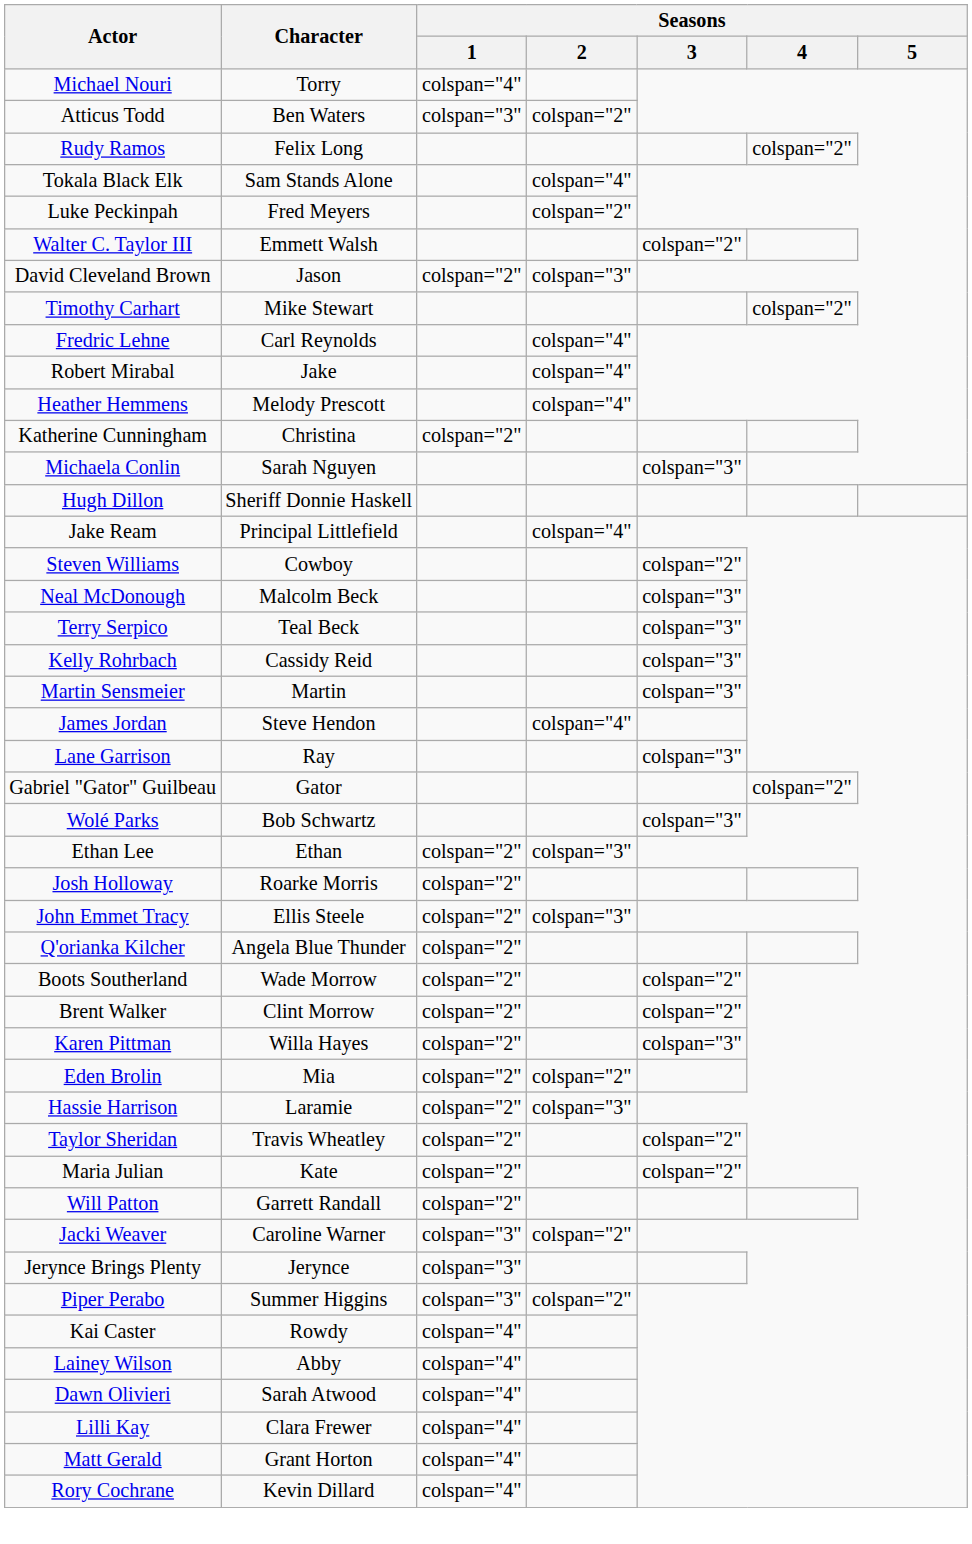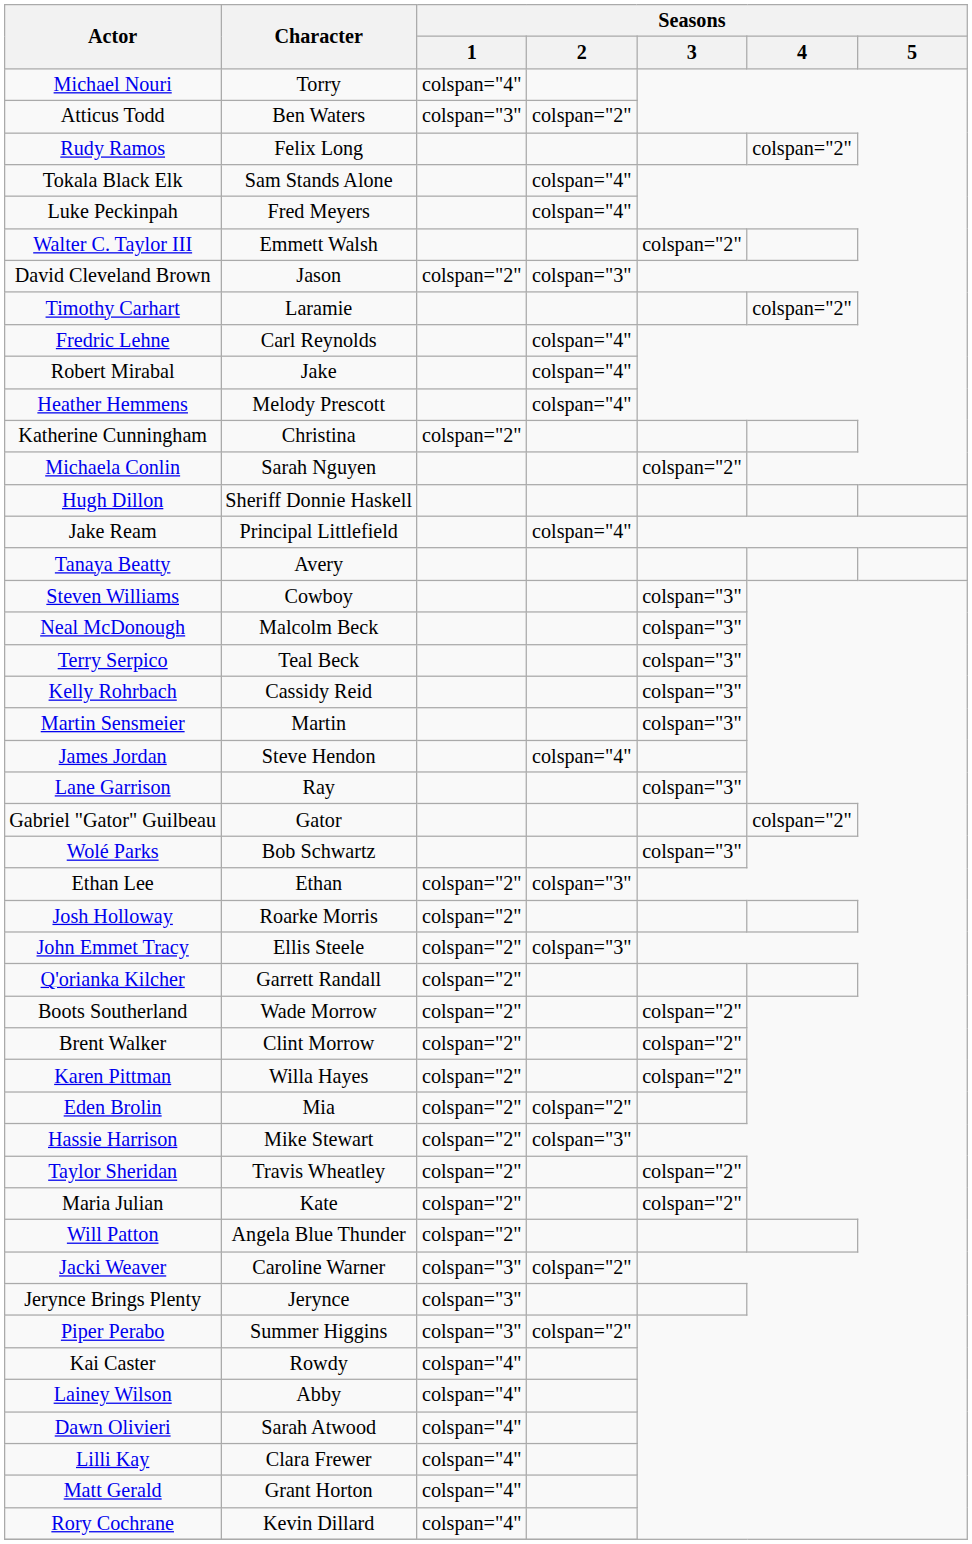 <table class="wikitable plainrowheaders" style="text-align:center">
 <tr>
 <th rowspan="2">Actor</th>
 <th rowspan="2">Character</th>
 <th colspan="5">Seasons</th>
 </tr>
 <tr>
 <th scope="col" style="width: 80px;">1</th>
 <th scope="col" style="width: 80px;">2</th>
 <th scope="col" style="width: 80px;">3</th>
 <th scope="col" style="width: 80px;">4</th>
 <th scope="col" style="width: 80px;">5</th>
 </tr>
 <tr>
 <td><a href='#'>Michael Nouri</a></td>
 <td>Torry</td>
 <td>colspan="4" </td>
 <td></td>
 </tr>
 <tr>
 <td>Atticus Todd</td>
 <td>Ben Waters</td>
 <td>colspan="3" </td>
 <td>colspan="2" </td>
 </tr>
 <tr>
 <td><a href='#'>Rudy Ramos</a></td>
 <td>Felix Long</td>
 <td></td>
 <td></td>
 <td></td>
 <td>colspan="2" </td>
 </tr>
 <tr>
 <td>Tokala Black Elk</td>
 <td>Sam Stands Alone</td>
 <td></td>
 <td>colspan="4" </td>
 </tr>
 <tr>
 <td>Luke Peckinpah</td>
 <td>Fred Meyers</td>
 <td></td>
-<td>colspan="2" </td>
+<td>colspan="4" </td>
 </tr>
 <tr>
 <td><a href='#'>Walter C. Taylor III</a></td>
 <td>Emmett Walsh</td>
 <td></td>
 <td></td>
 <td>colspan="2" </td>
 <td></td>
 </tr>
 <tr>
 <td>David Cleveland Brown</td>
 <td>Jason</td>
 <td>colspan="2" </td>
 <td>colspan="3" </td>
 </tr>
 <tr>
 <td><a href='#'>Timothy Carhart</a></td>
-<td>Mike Stewart</td>
+<td>Laramie</td>
 <td></td>
 <td></td>
 <td></td>
 <td>colspan="2" </td>
 </tr>
 <tr>
 <td><a href='#'>Fredric Lehne</a></td>
 <td>Carl Reynolds</td>
 <td></td>
 <td>colspan="4" </td>
 </tr>
 <tr>
 <td>Robert Mirabal</td>
 <td>Jake</td>
 <td></td>
 <td>colspan="4" </td>
 </tr>
 <tr>
 <td><a href='#'>Heather Hemmens</a></td>
 <td>Melody Prescott</td>
 <td></td>
 <td>colspan="4" </td>
 </tr>
 <tr>
 <td>Katherine Cunningham</td>
 <td>Christina</td>
 <td>colspan="2" </td>
 <td></td>
 <td></td>
 <td></td>
 </tr>
 <tr>
 <td><a href='#'>Michaela Conlin</a></td>
 <td>Sarah Nguyen</td>
 <td></td>
 <td></td>
-<td>colspan="3" </td>
+<td>colspan="2" </td>
 </tr>
 <tr>
 <td><a href='#'>Hugh Dillon</a></td>
 <td>Sheriff Donnie Haskell</td>
 <td></td>
 <td></td>
 <td></td>
 <td></td>
 <td></td>
 </tr>
 <tr>
 <td>Jake Ream</td>
 <td>Principal Littlefield</td>
 <td></td>
 <td>colspan="4" </td>
 </tr>
 <tr>
+<td><a href='#'>Tanaya Beatty</a></td>
+<td>Avery</td>
+<td></td>
+<td></td>
+<td></td>
+<td></td>
+<td></td>
+</tr>
+<tr>
 <td><a href='#'>Steven Williams</a></td>
 <td>Cowboy</td>
 <td></td>
 <td></td>
-<td>colspan="2" </td>
+<td>colspan="3" </td>
 </tr>
 <tr>
 <td><a href='#'>Neal McDonough</a></td>
 <td>Malcolm Beck</td>
 <td></td>
 <td></td>
 <td>colspan="3" </td>
 </tr>
 <tr>
 <td><a href='#'>Terry Serpico</a></td>
 <td>Teal Beck</td>
 <td></td>
 <td></td>
 <td>colspan="3" </td>
 </tr>
 <tr>
 <td><a href='#'>Kelly Rohrbach</a></td>
 <td>Cassidy Reid</td>
 <td></td>
 <td></td>
 <td>colspan="3" </td>
 </tr>
 <tr>
 <td><a href='#'>Martin Sensmeier</a></td>
 <td>Martin</td>
 <td></td>
 <td></td>
 <td>colspan="3" </td>
 </tr>
 <tr>
 <td><a href='#'>James Jordan</a></td>
 <td>Steve Hendon</td>
 <td></td>
 <td>colspan="4" </td>
 <td></td>
 </tr>
 <tr>
 <td><a href='#'>Lane Garrison</a></td>
 <td>Ray</td>
 <td></td>
 <td></td>
 <td>colspan="3" </td>
 </tr>
 <tr>
 <td>Gabriel "Gator" Guilbeau</td>
 <td>Gator</td>
 <td></td>
 <td></td>
 <td></td>
 <td>colspan="2" </td>
 </tr>
 <tr>
 <td><a href='#'>Wolé Parks</a></td>
 <td>Bob Schwartz</td>
 <td></td>
 <td></td>
 <td>colspan="3" </td>
 </tr>
 <tr>
 <td>Ethan Lee</td>
 <td>Ethan</td>
 <td>colspan="2" </td>
 <td>colspan="3" </td>
 </tr>
 <tr>
 <td><a href='#'>Josh Holloway</a></td>
 <td>Roarke Morris</td>
 <td>colspan="2" </td>
 <td></td>
 <td></td>
 <td></td>
 </tr>
 <tr>
 <td><a href='#'>John Emmet Tracy</a></td>
 <td>Ellis Steele</td>
 <td>colspan="2" </td>
 <td>colspan="3" </td>
 </tr>
 <tr>
 <td><a href='#'>Q'orianka Kilcher</a></td>
-<td>Angela Blue Thunder</td>
+<td>Garrett Randall</td>
 <td>colspan="2" </td>
 <td></td>
 <td></td>
 <td></td>
 </tr>
 <tr>
 <td>Boots Southerland</td>
 <td>Wade Morrow</td>
 <td>colspan="2" </td>
 <td></td>
 <td>colspan="2" </td>
 </tr>
 <tr>
 <td>Brent Walker</td>
 <td>Clint Morrow</td>
 <td>colspan="2" </td>
 <td></td>
 <td>colspan="2" </td>
 </tr>
 <tr>
 <td><a href='#'>Karen Pittman</a></td>
 <td>Willa Hayes</td>
 <td>colspan="2" </td>
 <td></td>
-<td>colspan="3" </td>
+<td>colspan="2" </td>
 </tr>
 <tr>
 <td><a href='#'>Eden Brolin</a></td>
 <td>Mia</td>
 <td>colspan="2" </td>
 <td>colspan="2" </td>
 <td></td>
 </tr>
 <tr>
 <td><a href='#'>Hassie Harrison</a></td>
-<td>Laramie</td>
+<td>Mike Stewart</td>
 <td>colspan="2" </td>
 <td>colspan="3" </td>
 </tr>
 <tr>
 <td><a href='#'>Taylor Sheridan</a></td>
 <td>Travis Wheatley</td>
 <td>colspan="2" </td>
 <td></td>
 <td>colspan="2" </td>
 </tr>
 <tr>
 <td>Maria Julian</td>
 <td>Kate</td>
 <td>colspan="2" </td>
 <td></td>
 <td>colspan="2" </td>
 </tr>
 <tr>
 <td><a href='#'>Will Patton</a></td>
-<td>Garrett Randall</td>
+<td>Angela Blue Thunder</td>
 <td>colspan="2" </td>
 <td></td>
 <td></td>
 <td></td>
 </tr>
 <tr>
 <td><a href='#'>Jacki Weaver</a></td>
 <td>Caroline Warner</td>
 <td>colspan="3" </td>
 <td>colspan="2" </td>
 </tr>
 <tr>
 <td>Jerynce Brings Plenty</td>
 <td>Jerynce</td>
 <td>colspan="3" </td>
 <td></td>
 <td></td>
 </tr>
 <tr>
 <td><a href='#'>Piper Perabo</a></td>
 <td>Summer Higgins</td>
 <td>colspan="3" </td>
 <td>colspan="2" </td>
 </tr>
 <tr>
 <td>Kai Caster</td>
 <td>Rowdy</td>
 <td>colspan="4" </td>
 <td></td>
 </tr>
 <tr>
 <td><a href='#'>Lainey Wilson</a></td>
 <td>Abby</td>
 <td>colspan="4" </td>
 <td></td>
 </tr>
 <tr>
 <td><a href='#'>Dawn Olivieri</a></td>
 <td>Sarah Atwood</td>
 <td>colspan="4" </td>
 <td></td>
 </tr>
 <tr>
 <td><a href='#'>Lilli Kay</a></td>
 <td>Clara Frewer</td>
 <td>colspan="4" </td>
 <td></td>
 </tr>
 <tr>
 <td><a href='#'>Matt Gerald</a></td>
 <td>Grant Horton</td>
 <td>colspan="4" </td>
 <td></td>
 </tr>
 <tr>
 <td><a href='#'>Rory Cochrane</a></td>
 <td>Kevin Dillard</td>
 <td>colspan="4" </td>
 <td></td>
 </tr>
 <tr>
 </tr>
 </table>
